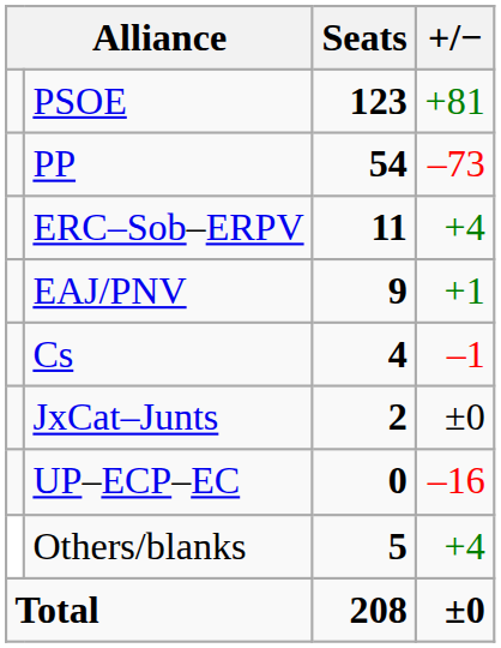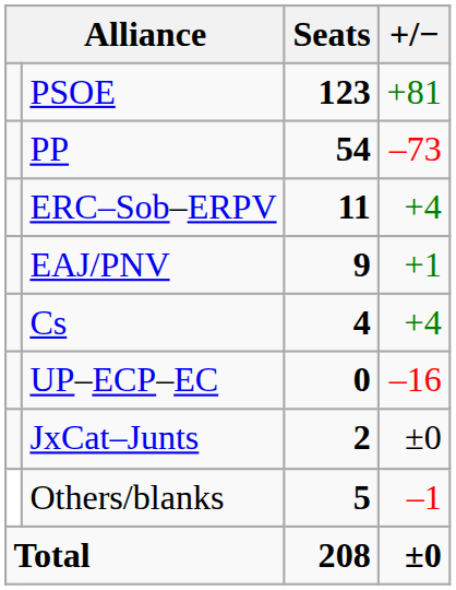 <table class="wikitable" style="text-align:right; font-size:95%;">
 <tr>
 <th colspan="2">Alliance</th>
 <th>Seats</th>
 <th>+/−</th>
 </tr>
 <tr>
 <td style="background:"></td>
 <td align="left"><a href='#'>PSOE</a></td>
 <td><strong>123</strong></td>
 <td style="color:green;">+81</td>
 </tr>
 <tr>
 <td style="background:"></td>
 <td align="left"><a href='#'>PP</a></td>
 <td><strong>54</strong></td>
 <td style="color:red;">–73</td>
 </tr>
 <tr>
 <td style="background:"></td>
 <td align="left"><a href='#'>ERC–Sob</a>–<a href='#'>ERPV</a></td>
 <td><strong>11</strong></td>
 <td style="color:green;">+4</td>
 </tr>
 <tr>
 <td style="background:"></td>
 <td align="left"><a href='#'>EAJ/PNV</a></td>
 <td><strong>9</strong></td>
 <td style="color:green;">+1</td>
 </tr>
 <tr>
 <td style="background:"></td>
 <td align="left"><a href='#'>Cs</a></td>
 <td><strong>4</strong></td>
-<td style="color:red;">–1</td>
+<td style="color:green;">+4</td>
+</tr>
+<tr>
+<td style="background:"></td>
+<td align="left"><a href='#'>UP</a>–<a href='#'>ECP</a>–<a href='#'>EC</a></td>
+<td><strong>0</strong></td>
+<td style="color:red;">–16</td>
 </tr>
 <tr>
 <td style="background:"></td>
 <td align="left"><a href='#'>JxCat–Junts</a></td>
 <td><strong>2</strong></td>
 <td>±0</td>
 </tr>
 <tr>
-<td style="background:"></td>
-<td align="left"><a href='#'>UP</a>–<a href='#'>ECP</a>–<a href='#'>EC</a></td>
-<td><strong>0</strong></td>
-<td style="color:red;">–16</td>
-</tr>
-<tr>
 <td style="background:white;"></td>
 <td align="left">Others/blanks</td>
 <td><strong>5</strong></td>
-<td style="color:green;">+4</td>
+<td style="color:red;">–1</td>
 </tr>
 <tr style="font-weight:bold">
 <td colspan="2" align="left">Total</td>
 <td>208</td>
 <td>±0</td>
 </tr>
 </table>
